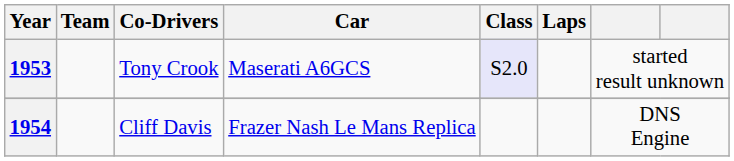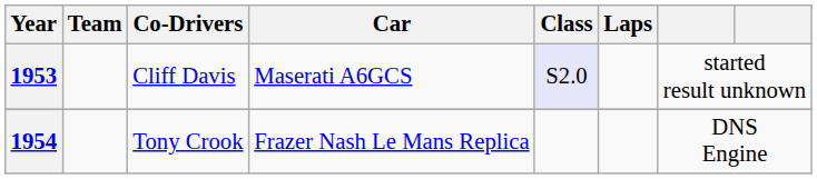 <table class="wikitable" style="text-align:center; font-size:90%">
 <tr>
 <th>Year</th>
 <th>Team</th>
 <th>Co-Drivers</th>
 <th>Car</th>
 <th>Class</th>
 <th>Laps</th>
 <th></th>
 <th></th>
 </tr>
 <tr>
 <th><a href='#'>1953</a></th>
 <td align="left"></td>
-<td align="left"> <a href='#'>Tony Crook</a></td>
+<td align="left"> <a href='#'>Cliff Davis</a></td>
 <td align="left"><a href='#'>Maserati A6GCS</a></td>
 <td style="background: lavender;">S2.0</td>
 <td></td>
 <td colspan=2>started<br>result unknown</td>
 </tr>
 <tr>
 </tr>
 <tr>
 <th><a href='#'>1954</a></th>
 <td align="left"></td>
-<td align="left"> <a href='#'>Cliff Davis</a></td>
+<td align="left"> <a href='#'>Tony Crook</a></td>
 <td align="left"><a href='#'>Frazer Nash Le Mans Replica</a></td>
 <td></td>
 <td></td>
 <td colspan=2>DNS<br>Engine</td>
 </tr>
 </table>
